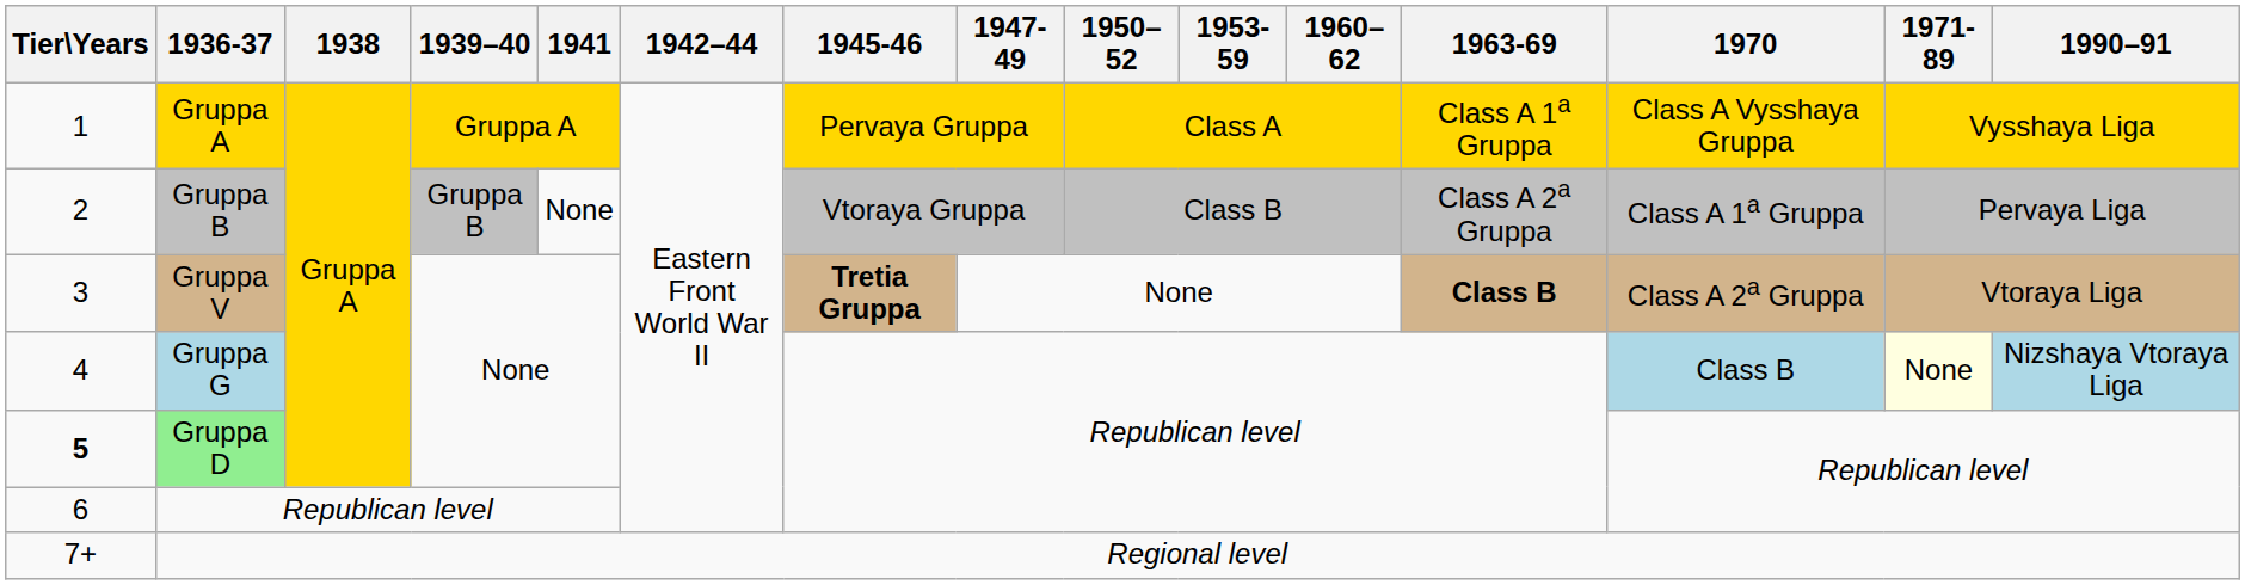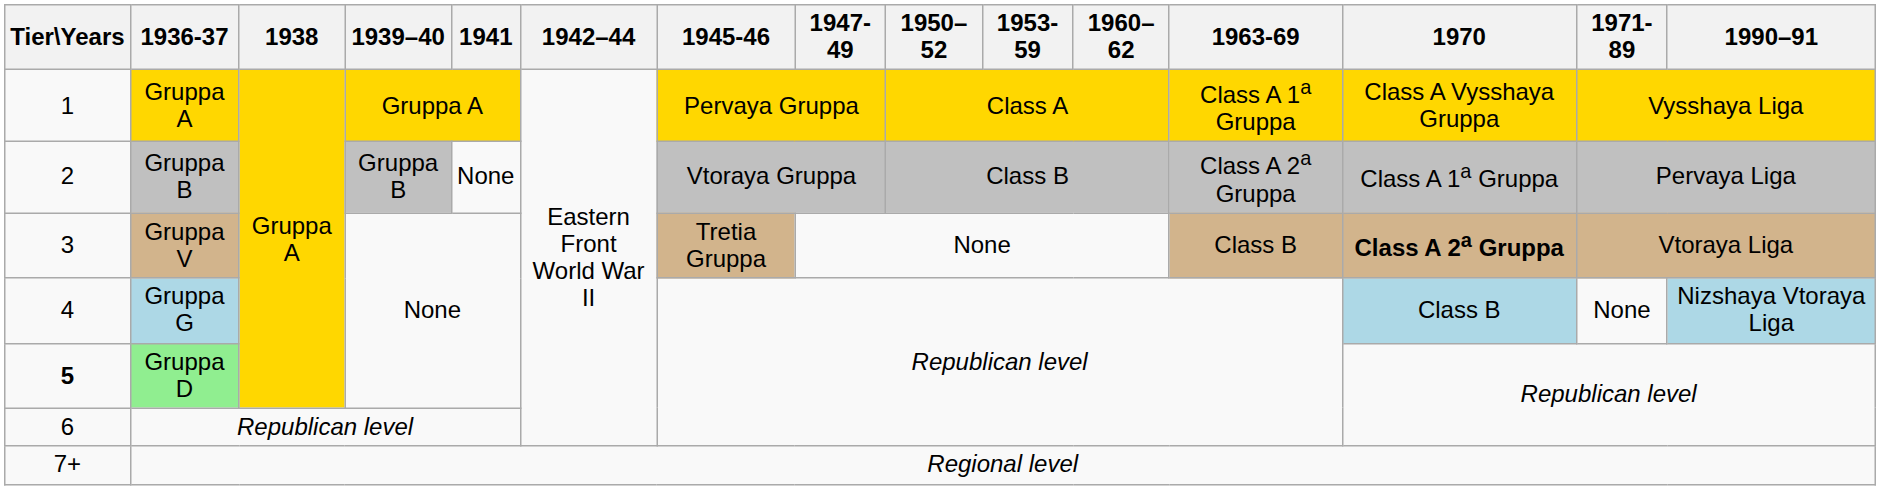 <table class="wikitable" style="text-align: center;">
 <tr>
 <th>Tier\Years</th>
 <th>1936-37</th>
 <th>1938</th>
 <th>1939–40</th>
 <th>1941</th>
 <th>1942–44</th>
 <th>1945-46</th>
 <th>1947-49</th>
 <th>1950–52</th>
 <th>1953-59</th>
 <th>1960–62</th>
 <th>1963-69</th>
 <th>1970</th>
 <th>1971-89</th>
 <th>1990–91</th>
 </tr>
 <tr>
 <td>1</td>
 <td bgcolor=gold>Gruppa A</td>
 <td rowspan=5 bgcolor=gold>Gruppa A</td>
 <td colspan=2 bgcolor=gold>Gruppa A</td>
 <td rowspan=6 bgcolor=>Eastern Front<br>World War II</td>
 <td colspan=2 bgcolor=gold>Pervaya Gruppa</td>
 <td colspan=3 bgcolor=gold>Class A</td>
 <td colspan=1 bgcolor=gold>Class A 1<sup>a</sup> Gruppa</td>
 <td colspan=1 bgcolor=gold>Class A Vysshaya Gruppa</td>
 <td colspan=2 bgcolor=gold>Vysshaya Liga</td>
 </tr>
 <tr>
 <td>2</td>
 <td bgcolor=silver>Gruppa B</td>
 <td colspan=1 bgcolor=silver>Gruppa B</td>
 <td>None</td>
 <td colspan=2 bgcolor=silver>Vtoraya Gruppa</td>
 <td colspan=3 bgcolor=silver>Class B</td>
 <td colspan=1 bgcolor=silver>Class A 2<sup>a</sup> Gruppa</td>
 <td colspan=1 bgcolor=silver>Class A 1<sup>a</sup> Gruppa</td>
 <td colspan=2 bgcolor=silver>Pervaya Liga</td>
 </tr>
 <tr>
 <td>3</td>
 <td bgcolor=tan>Gruppa V</td>
 <td rowspan=3 colspan=2>None</td>
-<td bgcolor=tan><strong>Tretia Gruppa</strong></td>
+<td bgcolor=tan>Tretia Gruppa</td>
 <td colspan=4>None</td>
-<td bgcolor=tan><strong>Class B</strong></td>
-<td bgcolor=tan>Class A 2<sup>a</sup> Gruppa</td>
+<td bgcolor=tan>Class B</td>
+<td bgcolor=tan><strong>Class A 2<sup>a</sup> Gruppa</strong></td>
 <td colspan=2 bgcolor=tan>Vtoraya Liga</td>
 </tr>
 <tr>
 <td>4</td>
 <td bgcolor=lightblue>Gruppa G</td>
 <td rowspan=3 colspan=6><em>Republican level</em></td>
 <td bgcolor=lightblue>Class B</td>
-<td style="background: lightyellow;">None</td>
+<td>None</td>
 <td bgcolor=lightblue>Nizshaya Vtoraya Liga</td>
 </tr>
 <tr>
 <td><strong>5</strong></td>
 <td bgcolor=lightgreen>Gruppa D</td>
 <td rowspan=2 colspan=3><em>Republican level</em></td>
 </tr>
 <tr>
 <td>6</td>
 <td colspan=4><em>Republican level</em></td>
 </tr>
 <tr>
 <td>7+</td>
 <td colspan=14><em>Regional level</em></td>
 </tr>
 </table>
